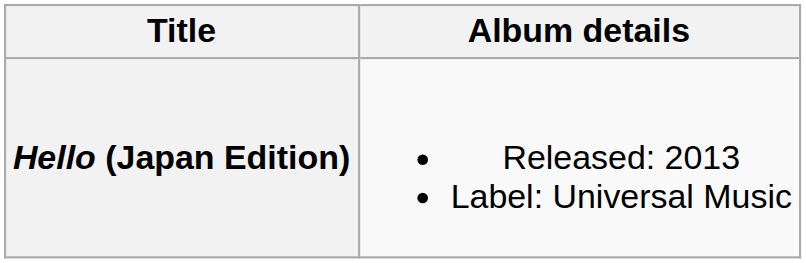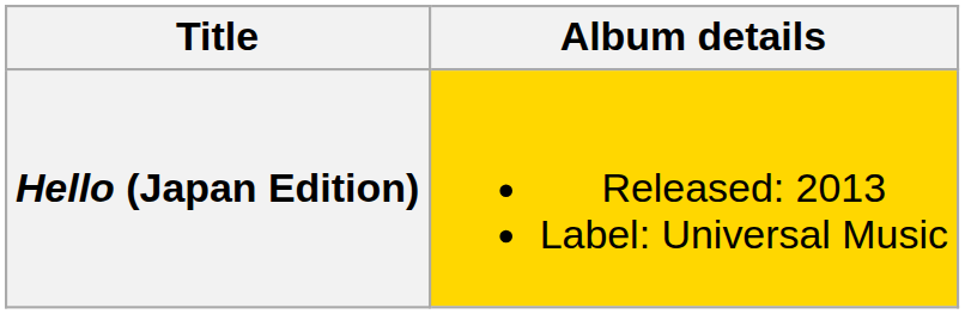 <table class="wikitable plainrowheaders" style="text-align:center">
 <tr>
 <th scope="col">Title</th>
 <th scope="col">Album details</th>
 </tr>
 <tr>
 <th scope="row"><em>Hello</em> (Japan Edition)</th>
-<td><br><ul><li>Released: 2013</li><li>Label: Universal Music</li></ul></td>
+<td style="background: gold;"><br><ul><li>Released: 2013</li><li>Label: Universal Music</li></ul></td>
 </tr>
 </table>
